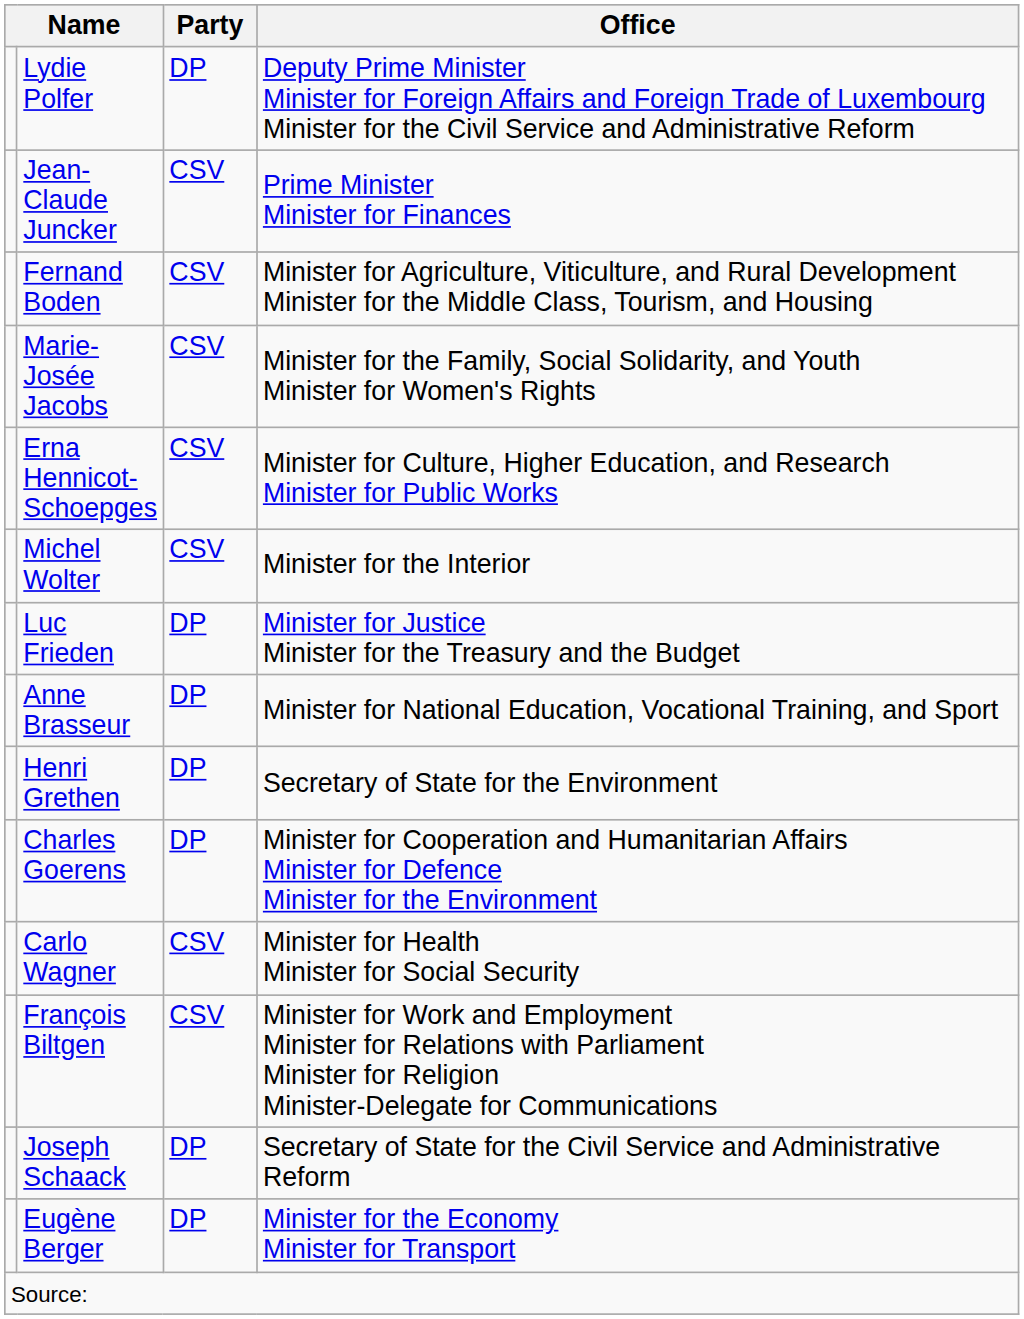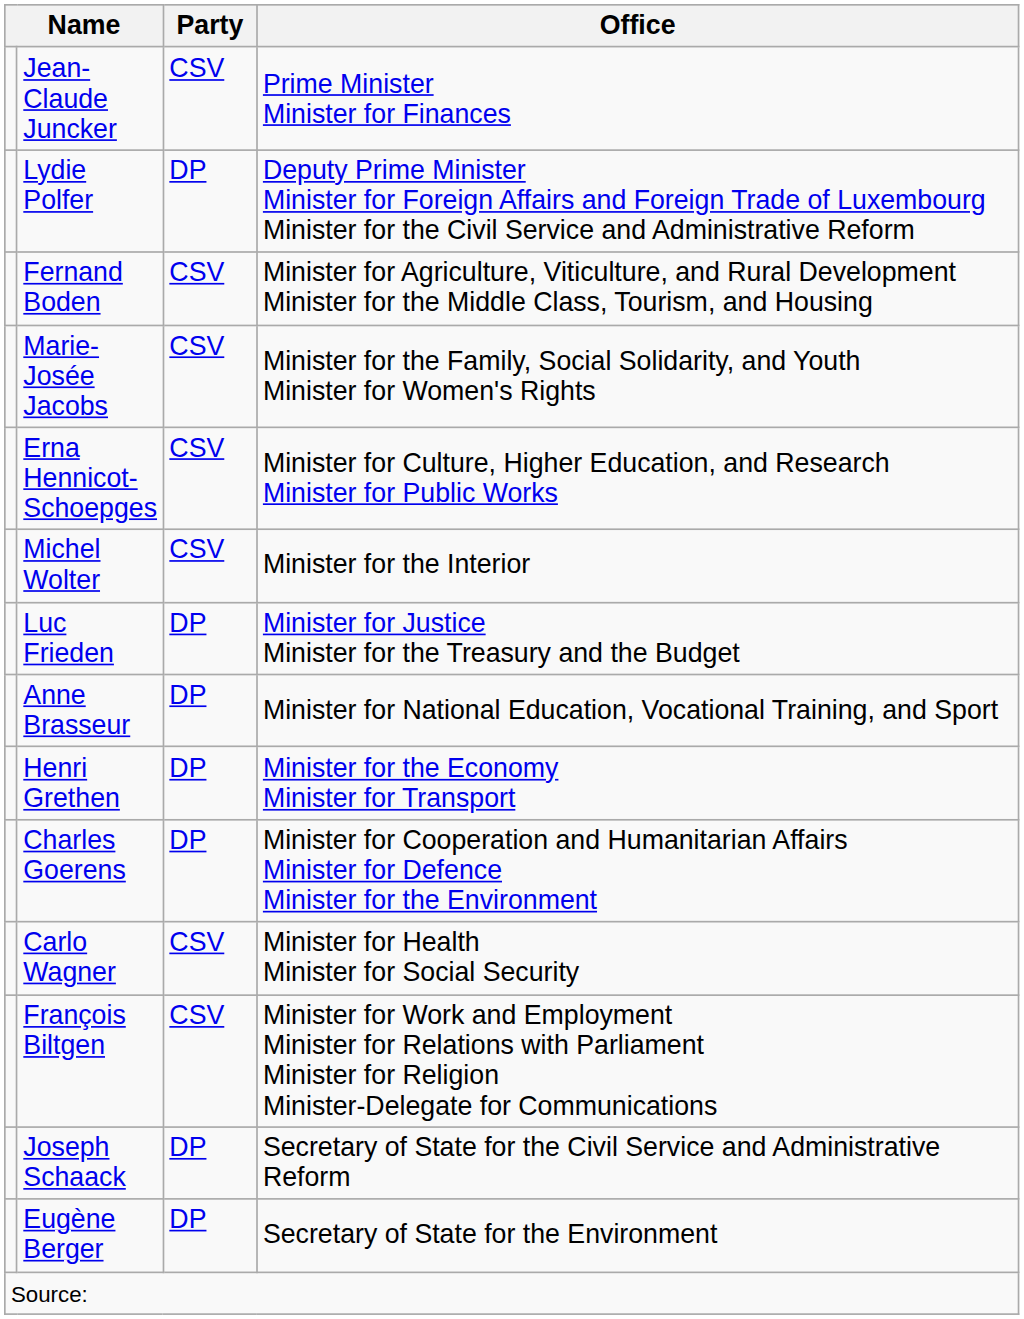 <table class="wikitable">
 <tr>
 <th colspan=2 width=250px>Name</th>
 <th width=50px>Party</th>
 <th width=500px>Office</th>
 </tr>
 <tr>
 <td style="background-color: "></td>
+<td valign=top><a href='#'>Jean-Claude Juncker</a></td>
+<td valign=top><a href='#'>CSV</a></td>
+<td><a href='#'>Prime Minister</a> <br> <a href='#'>Minister for Finances</a></td>
+</tr>
+<tr>
+<td style="background-color: "></td>
 <td valign=top><a href='#'>Lydie Polfer</a></td>
 <td valign=top><a href='#'>DP</a></td>
 <td><a href='#'>Deputy Prime Minister</a> <br> <a href='#'>Minister for Foreign Affairs and Foreign Trade of Luxembourg</a> <br> Minister for the Civil Service and Administrative Reform</td>
-</tr>
-<tr>
-<td style="background-color: "></td>
-<td valign=top><a href='#'>Jean-Claude Juncker</a></td>
-<td valign=top><a href='#'>CSV</a></td>
-<td><a href='#'>Prime Minister</a> <br> <a href='#'>Minister for Finances</a></td>
 </tr>
 <tr>
 <td style="background-color: "></td>
 <td valign=top><a href='#'>Fernand Boden</a></td>
 <td valign=top><a href='#'>CSV</a></td>
 <td>Minister for Agriculture, Viticulture, and Rural Development <br> Minister for the Middle Class, Tourism, and Housing</td>
 </tr>
 <tr>
 <td style="background-color: "></td>
 <td valign=top><a href='#'>Marie-Josée Jacobs</a></td>
 <td valign=top><a href='#'>CSV</a></td>
 <td>Minister for the Family, Social Solidarity, and Youth <br> Minister for Women's Rights</td>
 </tr>
 <tr>
 <td style="background-color: "></td>
 <td valign=top><a href='#'>Erna Hennicot-Schoepges</a></td>
 <td valign=top><a href='#'>CSV</a></td>
 <td>Minister for Culture, Higher Education, and Research <br> <a href='#'>Minister for Public Works</a></td>
 </tr>
 <tr>
 <td style="background-color: "></td>
 <td valign=top><a href='#'>Michel Wolter</a></td>
 <td valign=top><a href='#'>CSV</a></td>
 <td>Minister for the Interior</td>
 </tr>
 <tr>
 <td style="background-color: "></td>
 <td valign=top><a href='#'>Luc Frieden</a></td>
 <td valign=top><a href='#'>DP</a></td>
 <td><a href='#'>Minister for Justice</a> <br> Minister for the Treasury and the Budget</td>
 </tr>
 <tr>
 <td style="background-color: "></td>
 <td valign=top><a href='#'>Anne Brasseur</a></td>
 <td valign=top><a href='#'>DP</a></td>
 <td>Minister for National Education, Vocational Training, and Sport</td>
 </tr>
 <tr>
 <td style="background-color: "></td>
 <td valign=top><a href='#'>Henri Grethen</a></td>
 <td valign=top><a href='#'>DP</a></td>
-<td>Secretary of State for the Environment</td>
+<td><a href='#'>Minister for the Economy</a> <br> <a href='#'>Minister for Transport</a></td>
 </tr>
 <tr>
 <td style="background-color: "></td>
 <td valign=top><a href='#'>Charles Goerens</a></td>
 <td valign=top><a href='#'>DP</a></td>
 <td>Minister for Cooperation and Humanitarian Affairs <br> <a href='#'>Minister for Defence</a> <br> <a href='#'>Minister for the Environment</a></td>
 </tr>
 <tr>
 <td style="background-color: "></td>
 <td valign=top><a href='#'>Carlo Wagner</a></td>
 <td valign=top><a href='#'>CSV</a></td>
 <td>Minister for Health <br> Minister for Social Security</td>
 </tr>
 <tr>
 <td style="background-color: "></td>
 <td valign=top><a href='#'>François Biltgen</a></td>
 <td valign=top><a href='#'>CSV</a></td>
 <td>Minister for Work and Employment <br> Minister for Relations with Parliament <br> Minister for Religion <br> Minister-Delegate for Communications</td>
 </tr>
 <tr>
 <td style="background-color: "></td>
 <td valign=top><a href='#'>Joseph Schaack</a></td>
 <td valign=top><a href='#'>DP</a></td>
 <td>Secretary of State for the Civil Service and Administrative Reform</td>
 </tr>
 <tr>
 <td style="background-color: "></td>
 <td valign=top><a href='#'>Eugène Berger</a></td>
 <td valign=top><a href='#'>DP</a></td>
-<td><a href='#'>Minister for the Economy</a> <br> <a href='#'>Minister for Transport</a></td>
+<td>Secretary of State for the Environment</td>
 </tr>
 <tr>
 <td colspan=4><small>Source: </small></td>
 </tr>
 </table>
